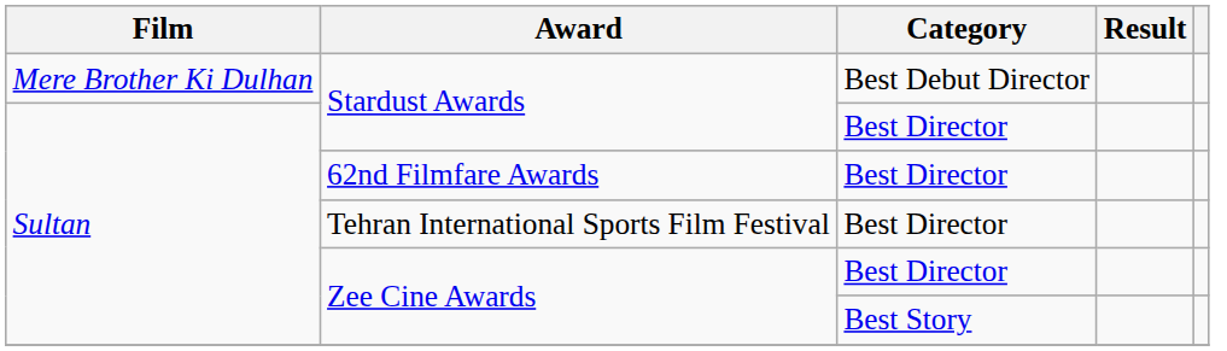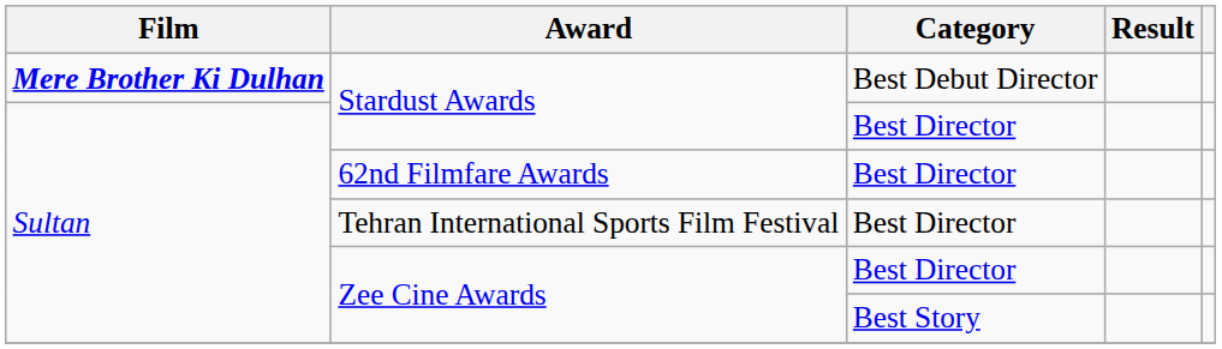 <table class="wikitable plainrowheaders">
 <tr>
 <th scope="col">Film</th>
 <th scope="col">Award</th>
 <th scope="col">Category</th>
 <th scope="col">Result</th>
 <th scope="col" class="unsortable"></th>
 </tr>
 <tr>
-<td><em><a href='#'>Mere Brother Ki Dulhan</a></em></td>
+<td><strong><em><a href='#'>Mere Brother Ki Dulhan</a></em></strong></td>
 <td rowspan="2"><a href='#'>Stardust Awards</a></td>
 <td>Best Debut Director</td>
 <td></td>
 <td style="text-align: center;"></td>
 </tr>
 <tr>
 <td rowspan=5><em><a href='#'>Sultan</a></em></td>
 <td><a href='#'>Best Director</a></td>
 <td></td>
 <td style="text-align: center;"></td>
 </tr>
 <tr>
 <td><a href='#'>62nd Filmfare Awards</a></td>
 <td><a href='#'>Best Director</a></td>
 <td></td>
 <td style="text-align: center;"></td>
 </tr>
 <tr>
 <td>Tehran International Sports Film Festival</td>
 <td>Best Director</td>
 <td></td>
 <td style="text-align: center;"></td>
 </tr>
 <tr>
 <td rowspan=2><a href='#'>Zee Cine Awards</a></td>
 <td><a href='#'>Best Director</a></td>
 <td></td>
 <td style="text-align: center;"></td>
 </tr>
 <tr>
 <td><a href='#'>Best Story</a></td>
 <td></td>
 <td style="text-align: center;"></td>
 </tr>
 <tr>
 </tr>
 </table>
